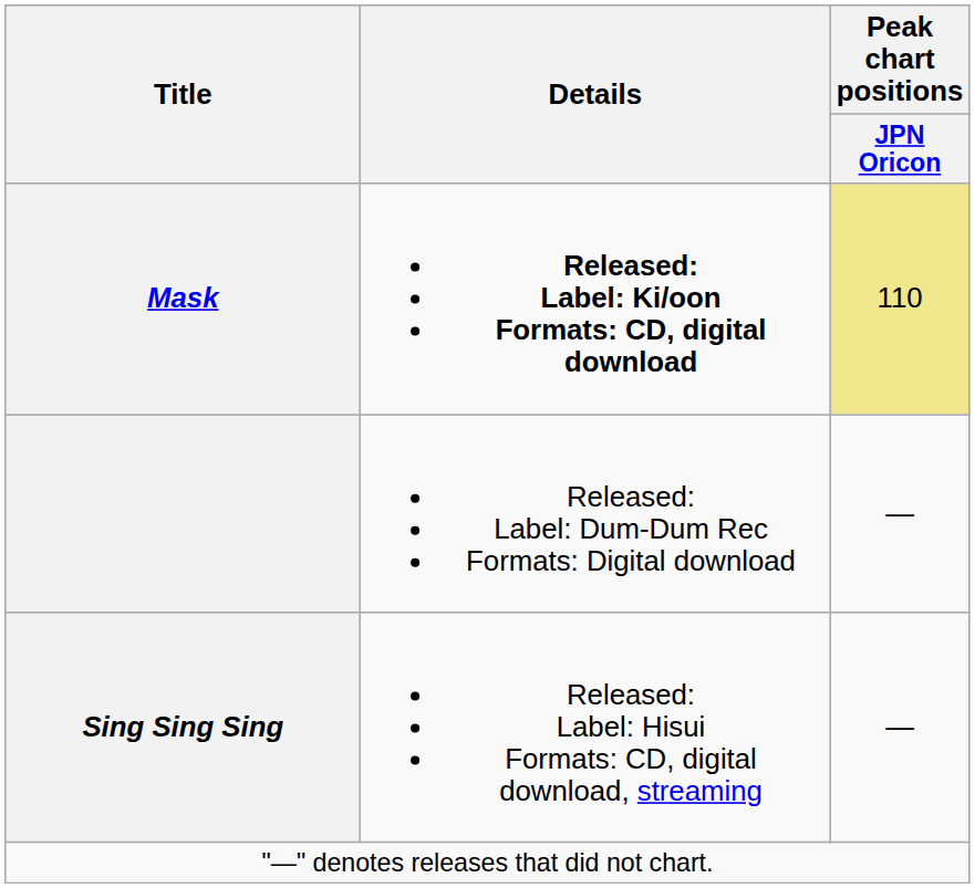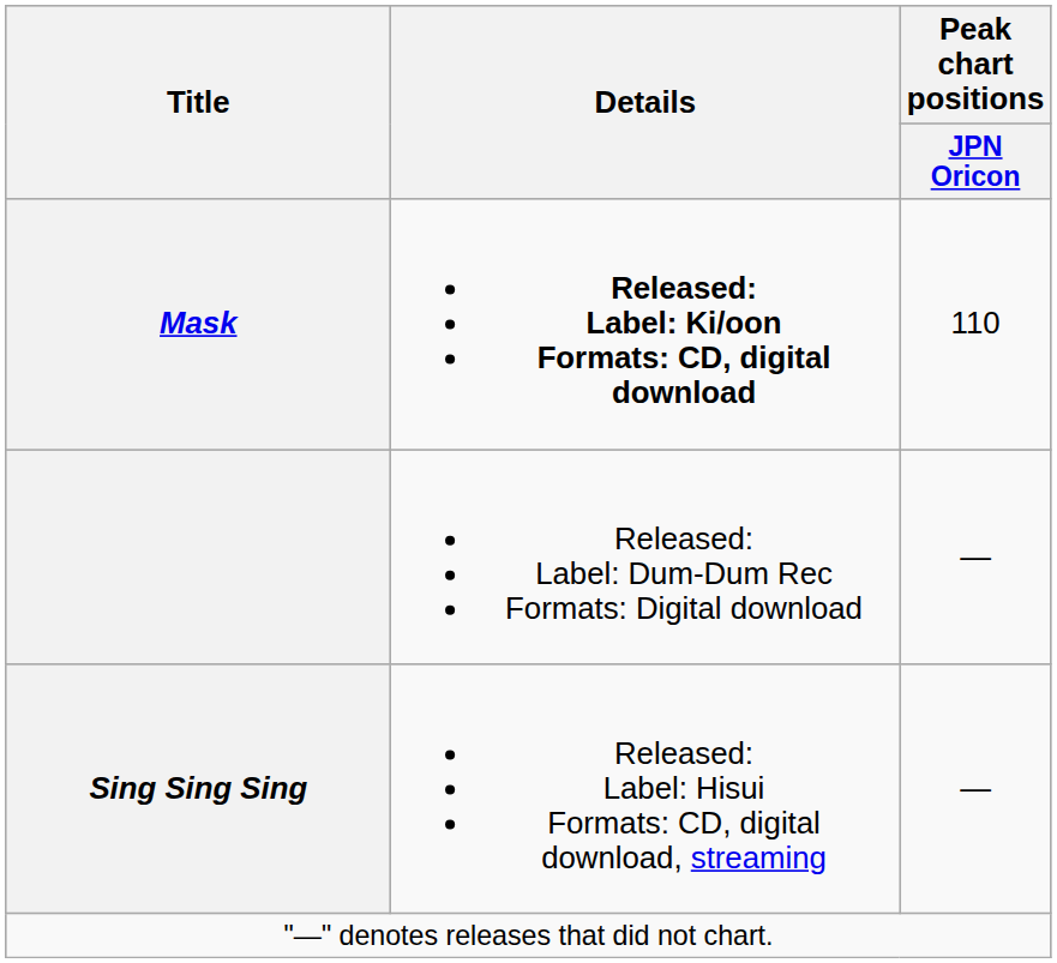 <table class="wikitable plainrowheaders" style="text-align:center;">
 <tr>
 <th scope="col" rowspan="2" style="width:12em;">Title</th>
 <th scope="col" rowspan="2" style="width:16em;">Details</th>
 <th scope="col" colspan="1">Peak chart positions</th>
 </tr>
 <tr>
 <th scope="col" style="width:3em;font-size:90%;"><a href='#'>JPN<br>Oricon</a><br></th>
 </tr>
 <tr>
 <th scope="row"><em><a href='#'>Mask</a></em></th>
 <td><strong><br><ul><li>Released: </li><li>Label: Ki/oon</li><li>Formats: CD, digital download</li></ul></strong></td>
-<td style="background: khaki;">110</td>
+<td>110</td>
 </tr>
 <tr>
 <th scope="row"></th>
 <td><br><ul><li>Released: </li><li>Label: Dum-Dum Rec</li><li>Formats: Digital download</li></ul></td>
 <td>—</td>
 </tr>
 <tr>
 <th scope="row"><em>Sing Sing Sing</em></th>
 <td><br><ul><li>Released: </li><li>Label: Hisui</li><li>Formats: CD, digital download,  <a href='#'>streaming</a></li></ul></td>
 <td>—</td>
 </tr>
 <tr>
 <td colspan="16" style="font-size:90%">"—" denotes releases that did not chart.</td>
 </tr>
 </table>
